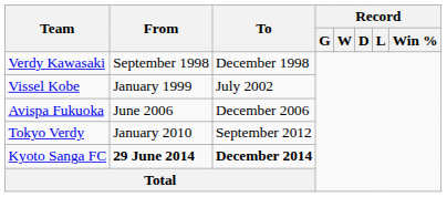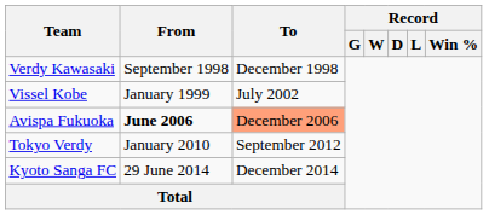 <table class="wikitable" style="text-align: center">
 <tr>
 <th rowspan="2">Team</th>
 <th rowspan="2">From</th>
 <th rowspan="2">To</th>
 <th colspan="5">Record</th>
 </tr>
 <tr>
 <th>G</th>
 <th>W</th>
 <th>D</th>
 <th>L</th>
 <th>Win %</th>
 </tr>
 <tr>
 <td align=left><a href='#'>Verdy Kawasaki</a></td>
 <td align=left>September 1998</td>
 <td align=left>December 1998<br></td>
 </tr>
 <tr>
 <td align=left><a href='#'>Vissel Kobe</a></td>
 <td align=left>January 1999</td>
 <td align=left>July 2002<br></td>
 </tr>
 <tr>
 <td align=left><a href='#'>Avispa Fukuoka</a></td>
-<td align=left>June 2006</td>
-<td align=left>December 2006<br></td>
+<td align=left><strong>June 2006</strong></td>
+<td align=left style="background: lightsalmon;">December 2006<br></td>
 </tr>
 <tr>
 <td align=left><a href='#'>Tokyo Verdy</a></td>
 <td align=left>January 2010</td>
 <td align=left>September 2012<br></td>
 </tr>
 <tr>
 <td align=left><a href='#'>Kyoto Sanga FC</a></td>
-<td align=left><strong>29 June 2014</strong></td>
-<td align=left><strong>December 2014<br></strong></td>
+<td align=left>29 June 2014</td>
+<td align=left>December 2014<br></td>
 </tr>
 <tr>
 <th colspan="3">Total<br></th>
 </tr>
 </table>
